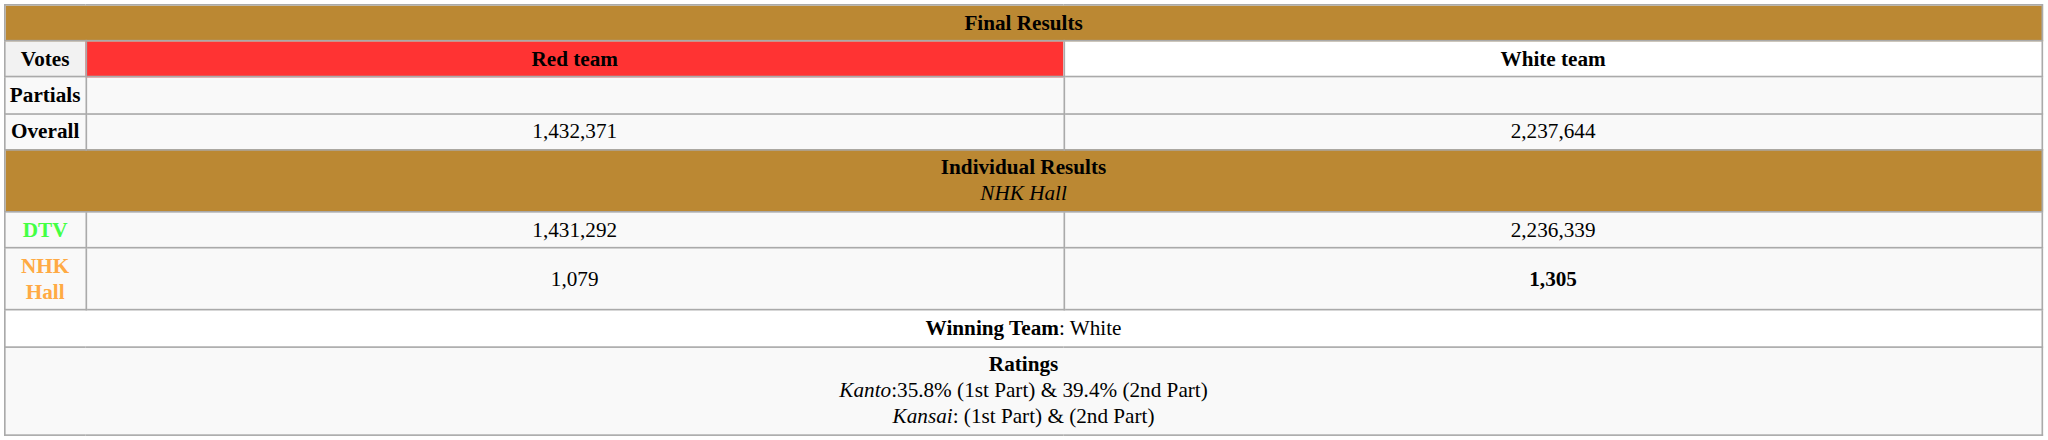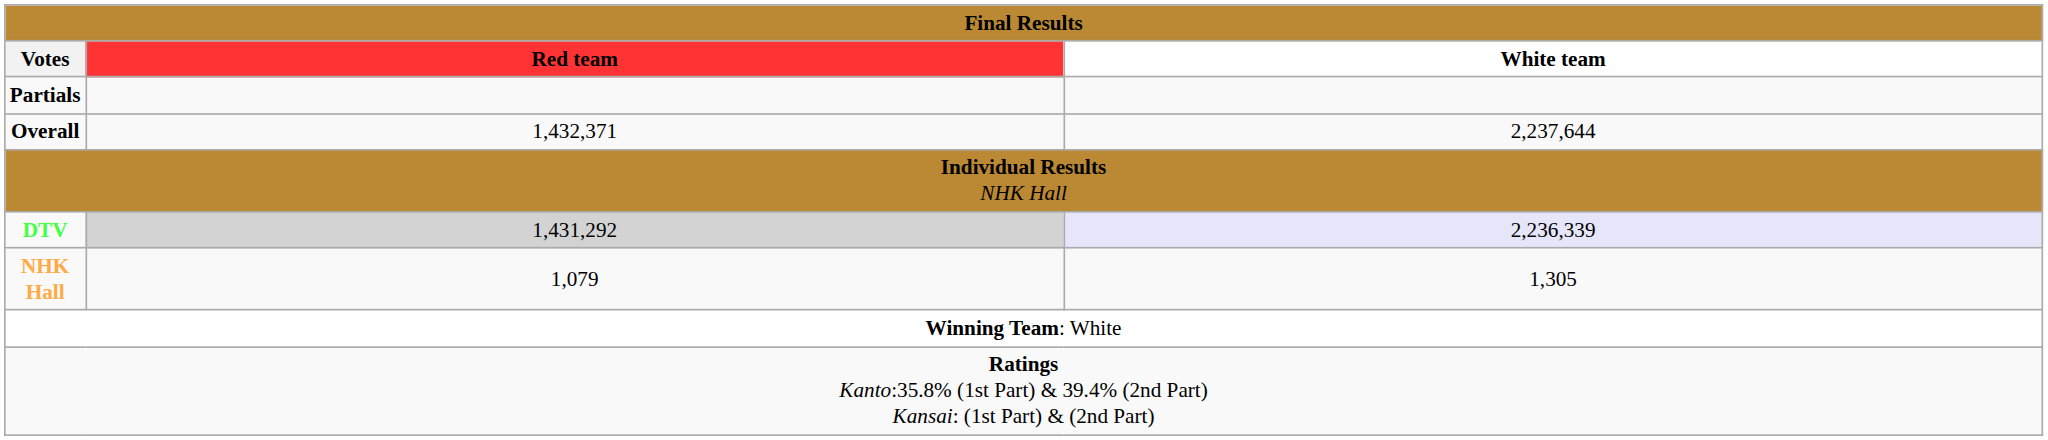 <table class="wikitable" style="font-size:small; text-align:center">
 <tr>
 <th colspan="4" style="background: #b83; wid: 50%;"><strong>Final Results</strong></th>
 </tr>
 <tr>
 <th style="background: #White; wid: 50%;">Votes</th>
 <th style="background: #f33; width: 50%;">Red team</th>
 <th style="background: #fff; width: 50%;">White team</th>
 </tr>
 <tr>
 <td><strong>Partials</strong></td>
 <td></td>
 <td></td>
 </tr>
 <tr>
 <td><strong>Overall</strong></td>
 <td>1,432,371</td>
 <td>2,237,644</td>
 </tr>
 <tr>
 <td colspan="4" style="background: #b83;"><strong>Individual Results</strong><br><em>NHK Hall</em></td>
 </tr>
 <tr>
 <td style="color: #4f4;"><strong>DTV</strong></td>
-<td>1,431,292</td>
-<td>2,236,339</td>
+<td style="background: lightgrey;">1,431,292</td>
+<td style="background: lavender;">2,236,339</td>
 </tr>
 <tr>
 <td style="color: #fa4;"><strong>NHK Hall</strong></td>
 <td>1,079</td>
-<td><strong>1,305</strong></td>
+<td>1,305</td>
 </tr>
 <tr>
 <td colspan="3" style="background: white; color: black"><strong>Winning Team</strong>: White</td>
 </tr>
 <tr>
 <td colspan="3"><strong>Ratings</strong><br><em>Kanto</em>:35.8% (1st Part) & 39.4% (2nd Part)<br><em>Kansai</em>: (1st Part) & (2nd Part)</td>
 </tr>
 </table>
